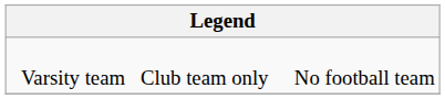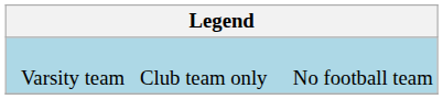 <table class="wikitable" style="margin:1em auto;">
 <tr>
 <th>Legend</th>
 </tr>
 <tr>
-<td><br>  Varsity team   Club team only     No football team</td>
+<td style="background: lightblue;"><br>  Varsity team   Club team only     No football team</td>
 </tr>
 <tr>
 </tr>
 </table>
